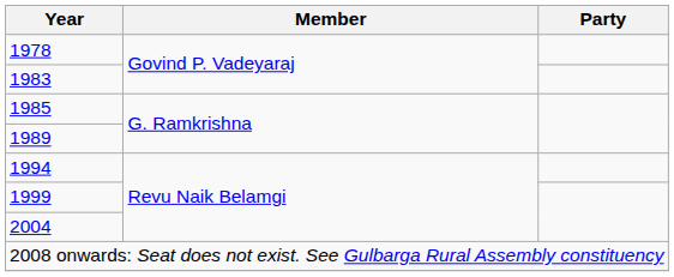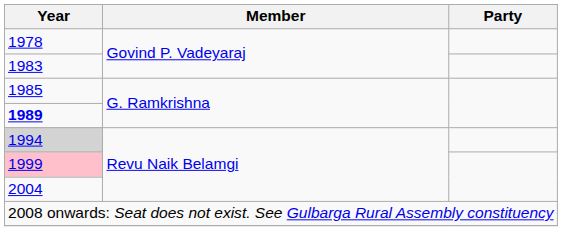 <table class="wikitable sortable">
 <tr>
 <th>Year</th>
 <th>Member</th>
 <th colspan="2">Party</th>
 </tr>
 <tr>
 <td><a href='#'>1978</a></td>
 <td rowspan=2><a href='#'>Govind P. Vadeyaraj</a></td>
 <td></td>
 </tr>
 <tr>
 <td><a href='#'>1983</a></td>
 <td></td>
 </tr>
 <tr>
 <td><a href='#'>1985</a></td>
 <td rowspan=2><a href='#'>G. Ramkrishna</a></td>
 </tr>
 <tr>
-<td><a href='#'>1989</a></td>
+<td><strong><a href='#'>1989</a></strong></td>
 </tr>
 <tr>
-<td><a href='#'>1994</a></td>
+<td style="background: lightgrey;"><a href='#'>1994</a></td>
 <td rowspan=3><a href='#'>Revu Naik Belamgi</a></td>
 <td></td>
 </tr>
 <tr>
-<td><a href='#'>1999</a></td>
+<td style="background: pink;"><a href='#'>1999</a></td>
 </tr>
 <tr>
 <td><a href='#'>2004</a></td>
 </tr>
 <tr>
 <td colspan=4 align=center>2008 onwards: <em>Seat does not exist. See <a href='#'>Gulbarga Rural Assembly constituency</a></em></td>
 </tr>
 <tr>
 </tr>
 </table>
